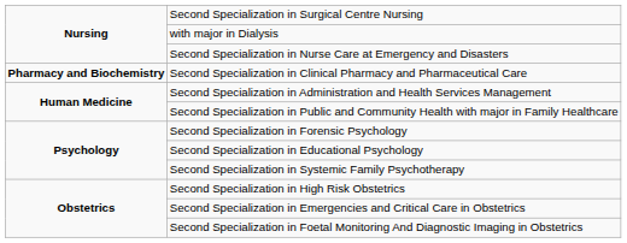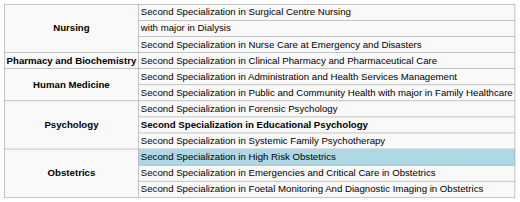 <table class="wikitable" align="center" style="font-size:90%;border:0px;text-align:left;line-height:120%">
 <tr>
 <td rowspan="3" style="text-align: center; font-weight: bold;">Nursing</td>
 <td>Second Specialization in Surgical Centre Nursing</td>
 </tr>
 <tr>
 <td>with major in Dialysis</td>
 </tr>
 <tr>
 <td>Second Specialization in Nurse Care at Emergency and Disasters</td>
 </tr>
 <tr>
 <td rowspan="1" style="text-align: center; font-weight: bold;">Pharmacy and Biochemistry</td>
 <td>Second Specialization in Clinical Pharmacy and  Pharmaceutical Care</td>
 </tr>
 <tr>
 <td rowspan="2" style="text-align: center; font-weight: bold;">Human Medicine</td>
 <td>Second Specialization in Administration and Health Services Management</td>
 </tr>
 <tr>
 <td>Second Specialization in Public and Community Health with major in Family Healthcare</td>
 </tr>
 <tr>
 <td rowspan="3" style="text-align: center; font-weight: bold;">Psychology</td>
 <td>Second Specialization in Forensic Psychology</td>
 </tr>
 <tr>
-<td>Second Specialization in Educational Psychology</td>
+<td><strong>Second Specialization in Educational Psychology</strong></td>
 </tr>
 <tr>
 <td>Second Specialization in Systemic Family Psychotherapy</td>
 </tr>
 <tr>
 <td rowspan="3" style="text-align: center; font-weight: bold;">Obstetrics</td>
-<td>Second Specialization in High Risk Obstetrics</td>
+<td style="background: lightblue;">Second Specialization in High Risk Obstetrics</td>
 </tr>
 <tr>
 <td>Second Specialization in  Emergencies and Critical Care in Obstetrics</td>
 </tr>
 <tr>
 <td>Second Specialization in Foetal Monitoring And Diagnostic Imaging in Obstetrics</td>
 </tr>
 <tr>
 </tr>
 </table>
